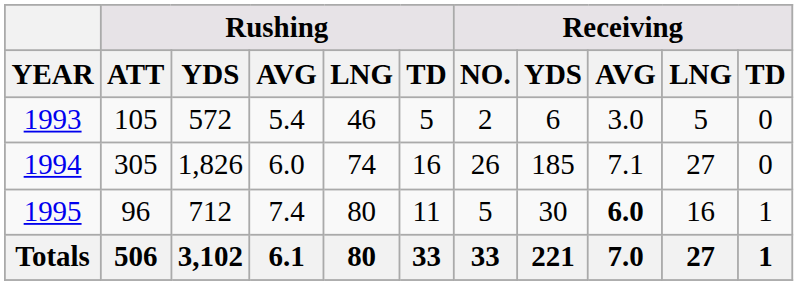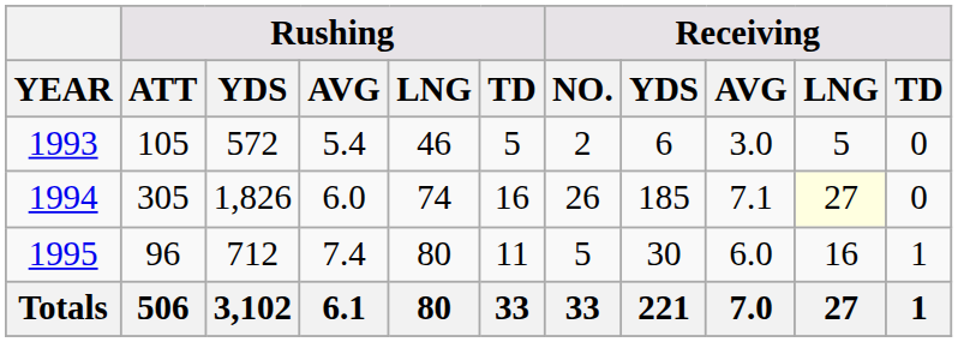 <table class=wikitable style="text-align:center">
 <tr>
 <th></th>
 <th colspan="5" style="background:#e7e3e7;">Rushing</th>
 <th colspan="5" style="background:#e7e3e7;">Receiving</th>
 </tr>
 <tr>
 <th>YEAR</th>
 <th>ATT</th>
 <th>YDS</th>
 <th>AVG</th>
 <th>LNG</th>
 <th>TD</th>
 <th>NO.</th>
 <th>YDS</th>
 <th>AVG</th>
 <th>LNG</th>
 <th>TD</th>
 </tr>
 <tr>
 <td><a href='#'>1993</a></td>
 <td>105</td>
 <td>572</td>
 <td>5.4</td>
 <td>46</td>
 <td>5</td>
 <td>2</td>
 <td>6</td>
 <td>3.0</td>
 <td>5</td>
 <td>0</td>
 </tr>
 <tr>
 <td><a href='#'>1994</a></td>
 <td>305</td>
 <td>1,826</td>
 <td>6.0</td>
 <td>74</td>
 <td>16</td>
 <td>26</td>
 <td>185</td>
 <td>7.1</td>
-<td>27</td>
+<td style="background: lightyellow;">27</td>
 <td>0</td>
 </tr>
 <tr>
 <td><a href='#'>1995</a></td>
 <td>96</td>
 <td>712</td>
 <td>7.4</td>
 <td>80</td>
 <td>11</td>
 <td>5</td>
 <td>30</td>
-<td><strong>6.0</strong></td>
+<td>6.0</td>
 <td>16</td>
 <td>1</td>
 </tr>
 <tr>
 <th>Totals</th>
 <th>506</th>
 <th>3,102</th>
 <th>6.1</th>
 <th>80</th>
 <th>33</th>
 <th>33</th>
 <th>221</th>
 <th>7.0</th>
 <th>27</th>
 <th>1</th>
 </tr>
 </table>
